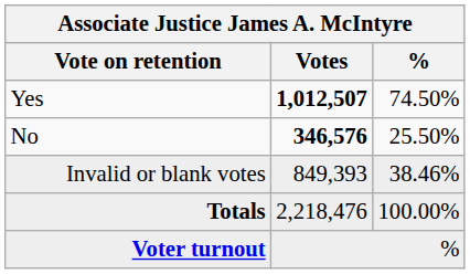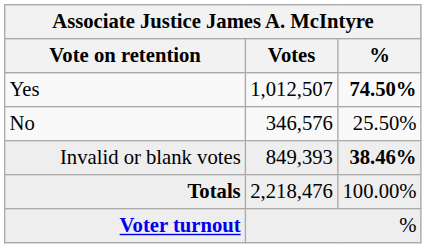 <table class="wikitable" style="font-size: 95%;">
 <tr style="background-color:#E9E9E9">
 <th colspan=7>Associate Justice James A. McIntyre</th>
 </tr>
 <tr style="background-color:#E9E9E9">
 <th style="width: 170px">Vote on retention</th>
 <th style="width: 50px">Votes</th>
 <th style="width: 40px">%</th>
 </tr>
 <tr>
 <td>Yes</td>
-<td align="right"><strong>1,012,507</strong></td>
-<td align="right">74.50%</td>
+<td align="right">1,012,507</td>
+<td align="right"><strong>74.50%</strong></td>
 </tr>
 <tr>
 <td>No</td>
-<td align="right"><strong>346,576</strong></td>
+<td align="right">346,576</td>
 <td align="right">25.50%</td>
 </tr>
 <tr style="background-color:#EEEEEE">
 <td align="right">Invalid or blank votes</td>
 <td align="right">849,393</td>
-<td align="right">38.46%</td>
+<td align="right"><strong>38.46%</strong></td>
 </tr>
 <tr style="background-color:#EEEEEE">
 <td colspan="1" align="right"><strong>Totals</strong></td>
 <td align="right">2,218,476</td>
 <td align="right">100.00%</td>
 </tr>
 <tr style="background-color:#EEEEEE">
 <td align="right"><strong><a href='#'>Voter turnout</a></strong></td>
 <td colspan="2" align="right">%</td>
 </tr>
 </table>
